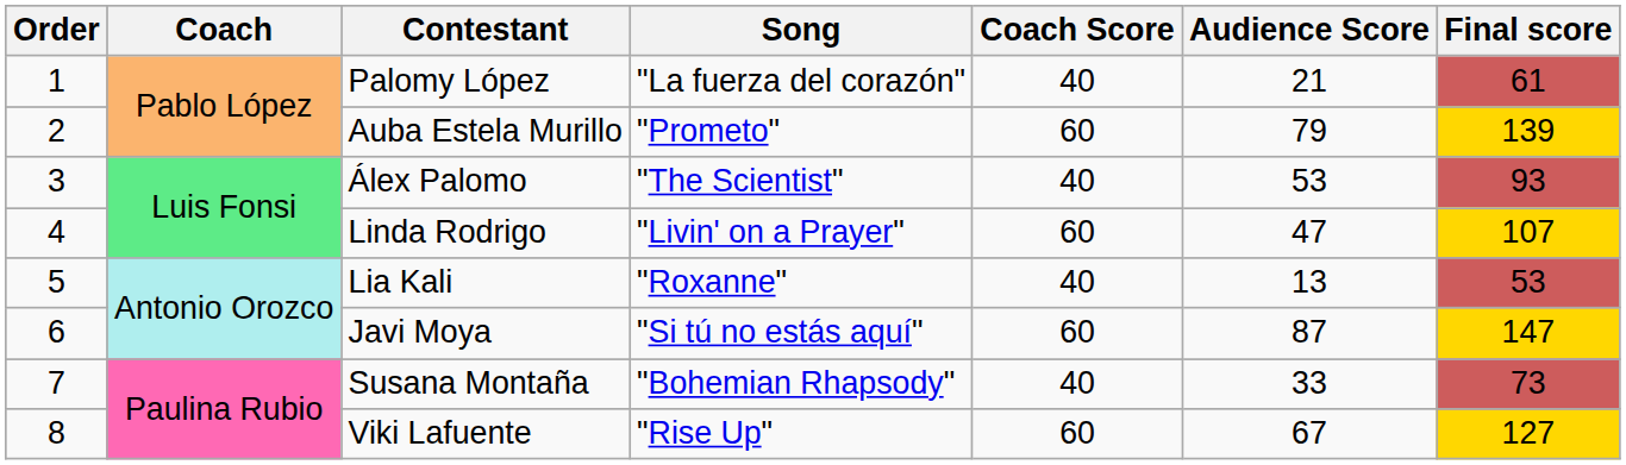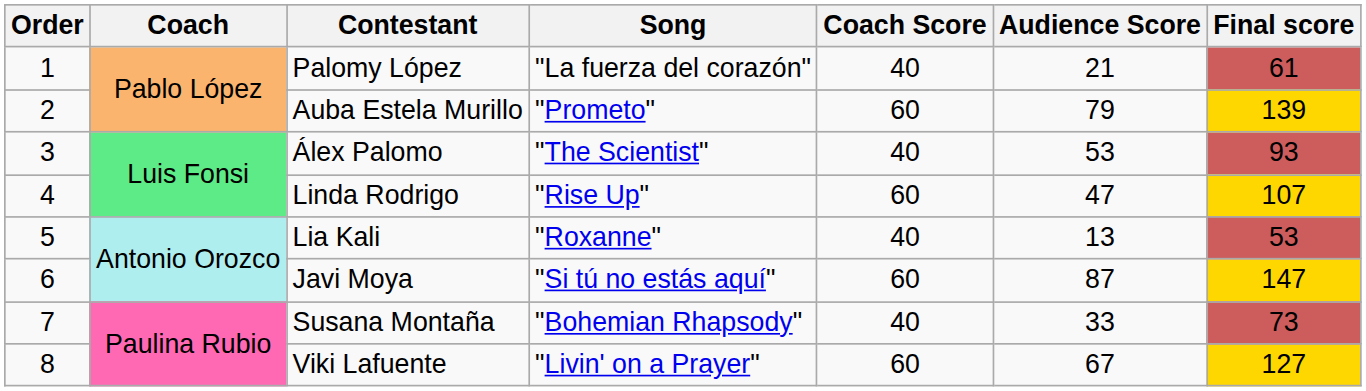 <table class=wikitable>
 <tr>
 <th>Order</th>
 <th>Coach</th>
 <th>Contestant</th>
 <th>Song</th>
 <th>Coach Score</th>
 <th>Audience Score</th>
 <th>Final score</th>
 </tr>
 <tr>
 <td align=center>1</td>
 <td rowspan=2 align=center bgcolor=#fbb46e>Pablo López</td>
 <td>Palomy López</td>
 <td>"La fuerza del corazón"</td>
 <td align=center>40</td>
 <td align=center>21</td>
 <td bgcolor=IndianRed align=center>61</td>
 </tr>
 <tr>
 <td align=center>2</td>
 <td>Auba Estela Murillo</td>
 <td>"<a href='#'>Prometo</a>"</td>
 <td align=center>60</td>
 <td align=center>79</td>
 <td bgcolor=Gold align=center>139</td>
 </tr>
 <tr>
 <td align=center>3</td>
 <td rowspan=2 bgcolor=#5deb87 align=center>Luis Fonsi</td>
 <td>Álex Palomo</td>
 <td>"<a href='#'>The Scientist</a>"</td>
 <td align=center>40</td>
 <td align=center>53</td>
 <td bgcolor=IndianRed align=center>93</td>
 </tr>
 <tr>
 <td align=center>4</td>
 <td>Linda Rodrigo</td>
-<td>"<a href='#'>Livin' on a Prayer</a>"</td>
+<td>"<a href='#'>Rise Up</a>"</td>
 <td align=center>60</td>
 <td align=center>47</td>
 <td bgcolor=Gold align=center>107</td>
 </tr>
 <tr>
 <td align=center>5</td>
 <td rowspan=2 bgcolor=#afeeee align=center>Antonio Orozco</td>
 <td>Lia Kali</td>
 <td>"<a href='#'>Roxanne</a>"</td>
 <td align=center>40</td>
 <td align=center>13</td>
 <td bgcolor=IndianRed align=center>53</td>
 </tr>
 <tr>
 <td align=center>6</td>
 <td>Javi Moya</td>
 <td>"<a href='#'>Si tú no estás aquí</a>"</td>
 <td align=center>60</td>
 <td align=center>87</td>
 <td bgcolor=Gold align=center>147</td>
 </tr>
 <tr>
 <td align=center>7</td>
 <td rowspan=2 bgcolor=#ff69b4 align=center>Paulina Rubio</td>
 <td>Susana Montaña</td>
 <td>"<a href='#'>Bohemian Rhapsody</a>"</td>
 <td align=center>40</td>
 <td align=center>33</td>
 <td bgcolor=IndianRed align=center>73</td>
 </tr>
 <tr>
 <td align=center>8</td>
 <td>Viki Lafuente</td>
-<td>"<a href='#'>Rise Up</a>"</td>
+<td>"<a href='#'>Livin' on a Prayer</a>"</td>
 <td align=center>60</td>
 <td align=center>67</td>
 <td bgcolor=Gold align=center>127</td>
 </tr>
 </table>
